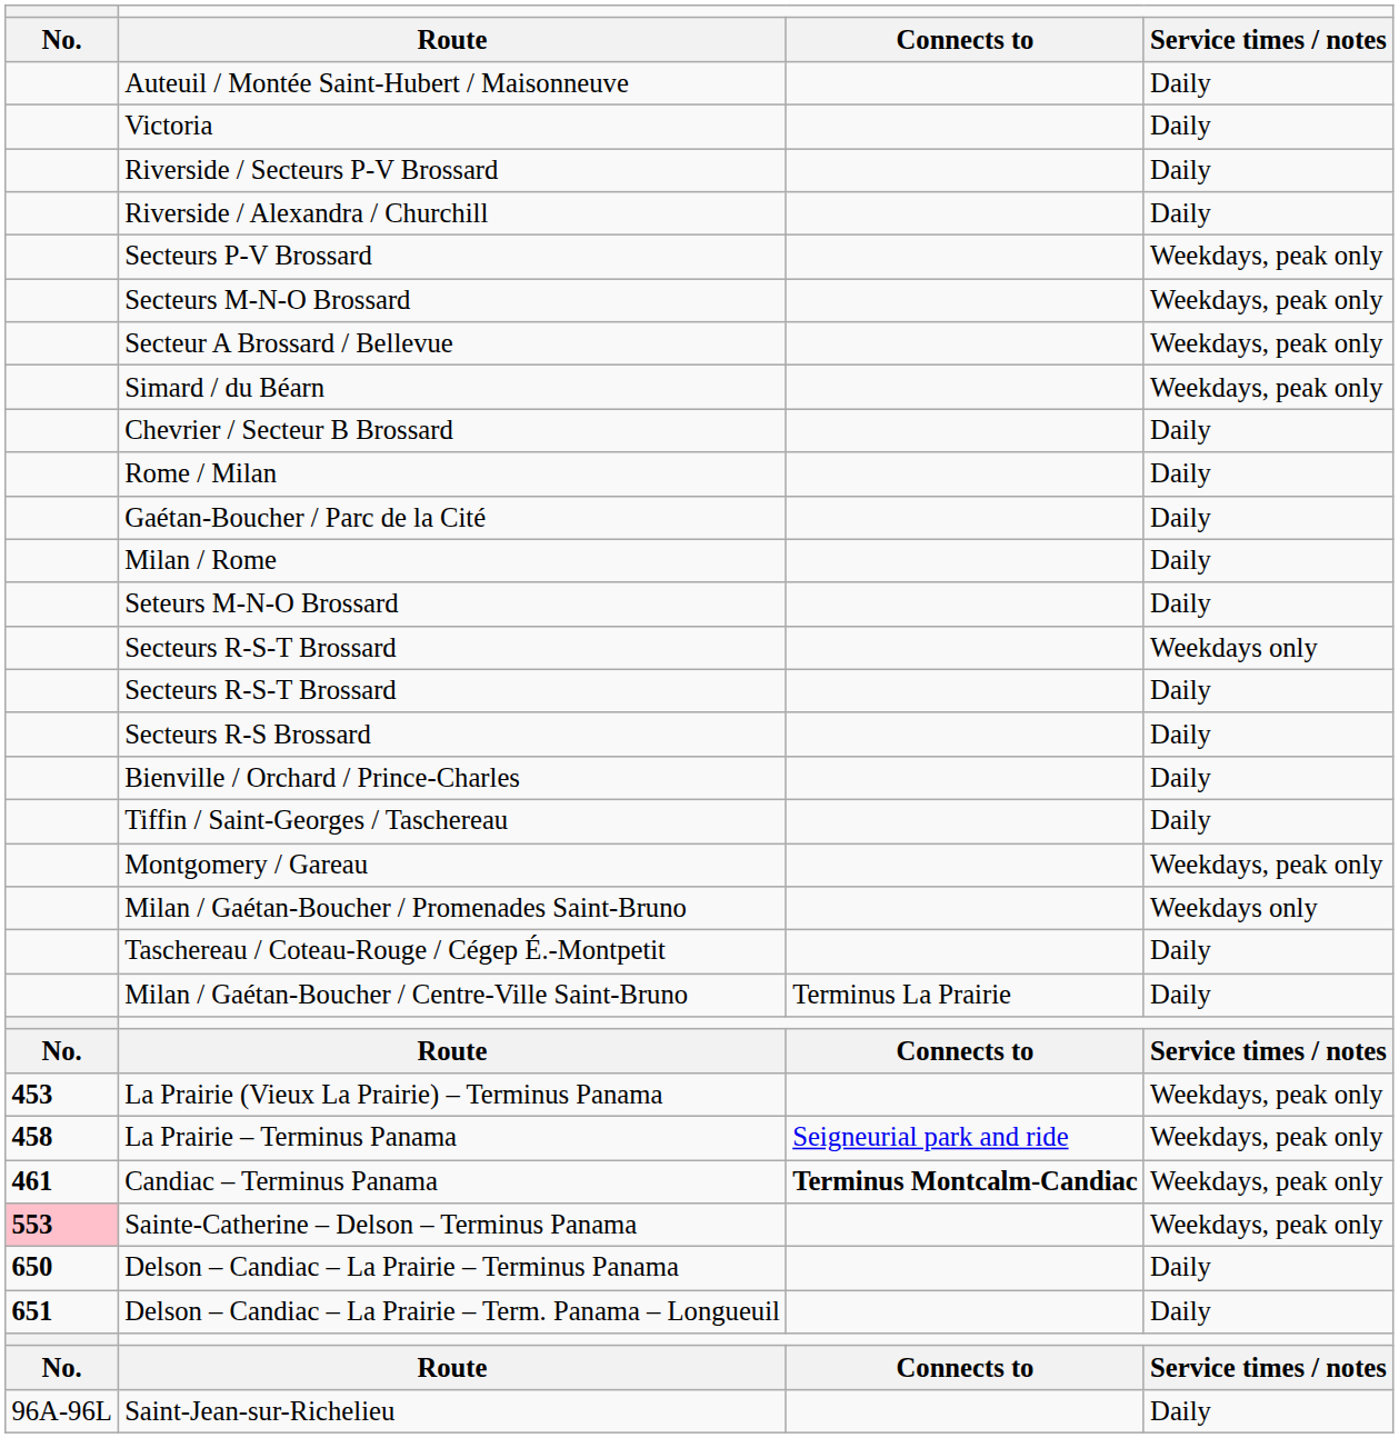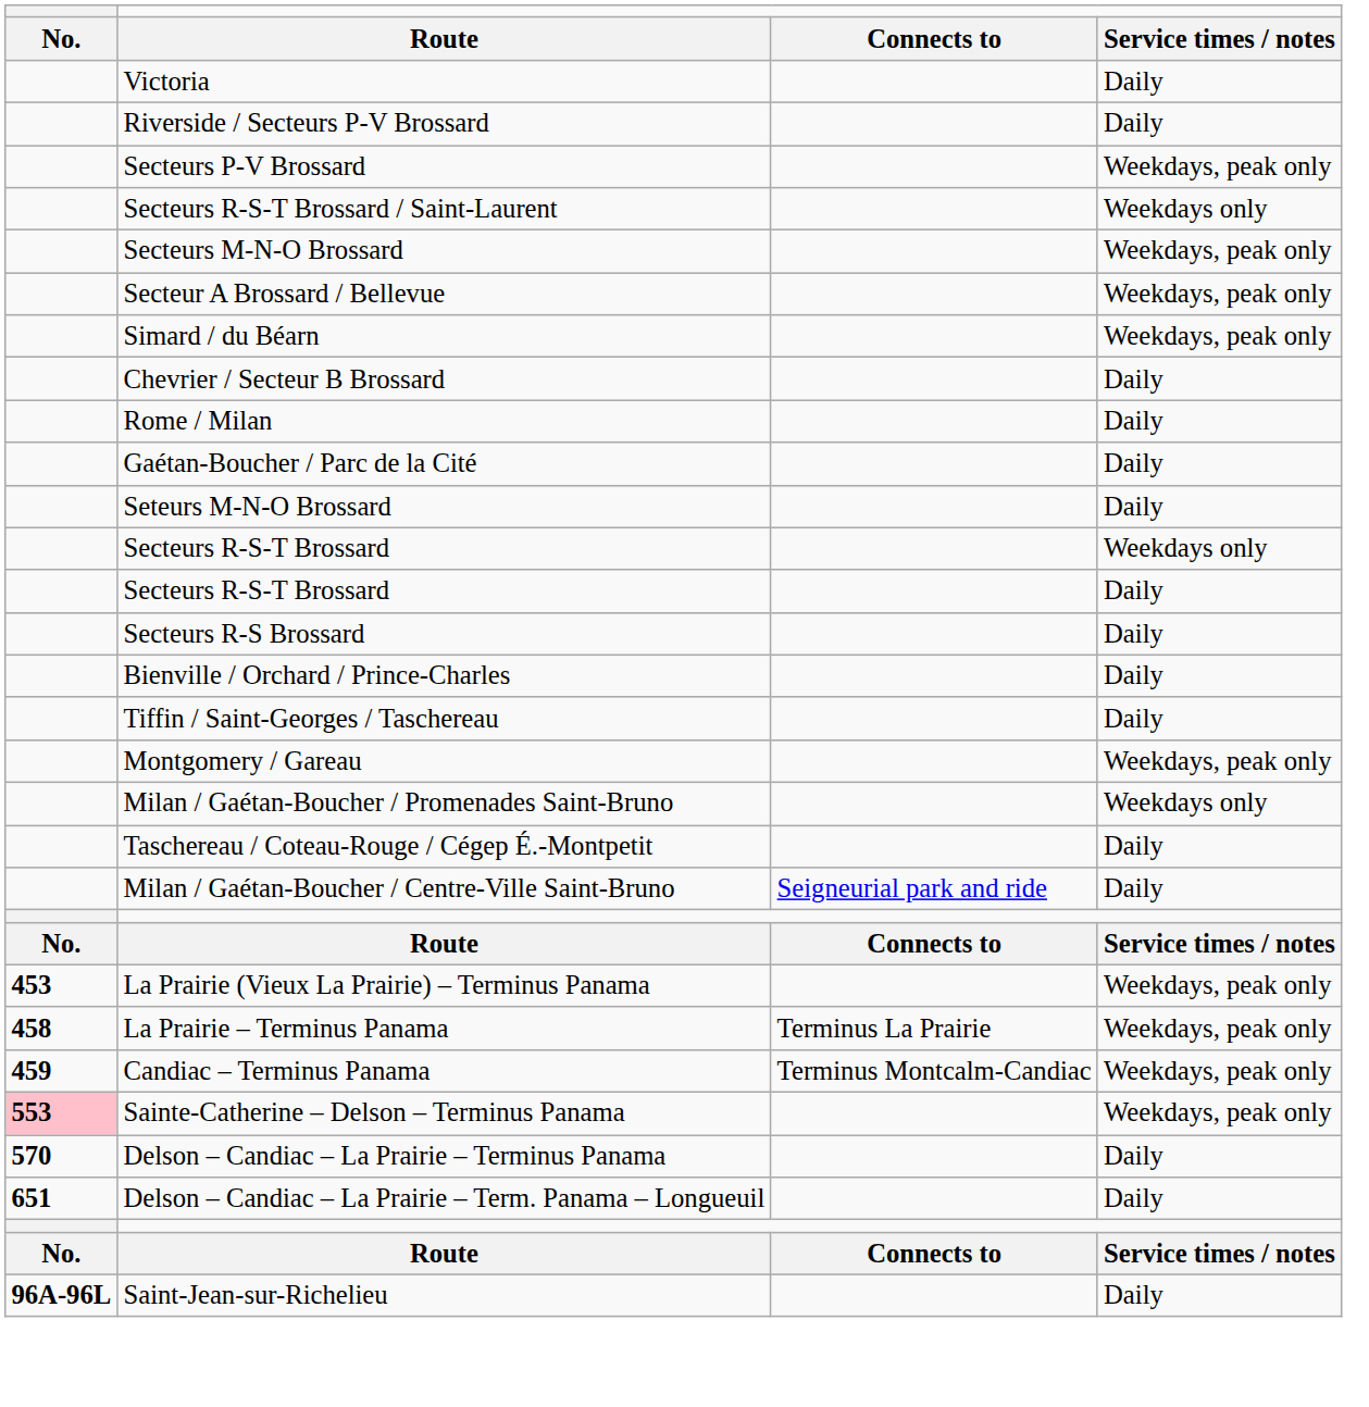 <table class="wikitable">
 <tr>
 <th style="background: #"></th>
 </tr>
 <tr>
 <th>No.</th>
 <th>Route</th>
 <th>Connects to</th>
 <th>Service times / notes</th>
-</tr>
-<tr>
-<td></td>
-<td>Auteuil / Montée Saint-Hubert / Maisonneuve</td>
-<td></td>
-<td>Daily</td>
 </tr>
 <tr>
 <td></td>
 <td>Victoria</td>
 <td></td>
 <td>Daily</td>
 </tr>
 <tr>
 <td></td>
 <td>Riverside / Secteurs P-V Brossard</td>
 <td> </td>
 <td>Daily</td>
 </tr>
 <tr>
 <td></td>
-<td>Riverside / Alexandra / Churchill</td>
-<td> </td>
-<td>Daily</td>
+<td>Secteurs P-V Brossard</td>
+<td></td>
+<td>Weekdays, peak only</td>
 </tr>
 <tr>
 <td></td>
-<td>Secteurs P-V Brossard</td>
+<td>Secteurs R-S-T Brossard / Saint-Laurent</td>
 <td></td>
-<td>Weekdays, peak only</td>
+<td>Weekdays only</td>
 </tr>
 <tr>
 <td></td>
 <td>Secteurs M-N-O Brossard</td>
 <td></td>
 <td>Weekdays, peak only</td>
 </tr>
 <tr>
 <td></td>
 <td>Secteur A Brossard / Bellevue</td>
 <td></td>
 <td>Weekdays, peak only</td>
 </tr>
 <tr>
 <td></td>
 <td>Simard / du Béarn</td>
 <td></td>
 <td>Weekdays, peak only</td>
 </tr>
 <tr>
 <td></td>
 <td>Chevrier / Secteur B Brossard</td>
 <td></td>
 <td>Daily</td>
 </tr>
 <tr>
 <td></td>
 <td>Rome / Milan</td>
 <td></td>
 <td>Daily</td>
 </tr>
 <tr>
 <td></td>
 <td>Gaétan-Boucher / Parc de la Cité</td>
-<td></td>
-<td>Daily</td>
-</tr>
-<tr>
-<td></td>
-<td>Milan / Rome</td>
 <td></td>
 <td>Daily</td>
 </tr>
 <tr>
 <td></td>
 <td>Seteurs M-N-O Brossard</td>
 <td></td>
 <td>Daily</td>
 </tr>
 <tr>
 <td></td>
 <td>Secteurs R-S-T Brossard</td>
 <td></td>
 <td>Weekdays only</td>
 </tr>
 <tr>
 <td></td>
 <td>Secteurs R-S-T Brossard</td>
 <td></td>
 <td>Daily</td>
 </tr>
 <tr>
 <td></td>
 <td>Secteurs R-S Brossard</td>
 <td></td>
 <td>Daily</td>
 </tr>
 <tr>
 <td></td>
 <td>Bienville / Orchard / Prince-Charles</td>
 <td></td>
 <td>Daily</td>
 </tr>
 <tr>
 <td></td>
 <td>Tiffin / Saint-Georges / Taschereau</td>
 <td> </td>
 <td>Daily</td>
 </tr>
 <tr>
 <td></td>
 <td>Montgomery / Gareau</td>
 <td></td>
 <td>Weekdays, peak only</td>
 </tr>
 <tr>
 <td></td>
 <td>Milan / Gaétan-Boucher / Promenades Saint-Bruno</td>
 <td></td>
 <td>Weekdays only</td>
 </tr>
 <tr>
 <td></td>
 <td>Taschereau / Coteau-Rouge / Cégep É.-Montpetit</td>
 <td></td>
 <td>Daily</td>
 </tr>
 <tr>
 <td></td>
 <td>Milan / Gaétan-Boucher / Centre-Ville Saint-Bruno</td>
-<td> Terminus La Prairie</td>
+<td> <a href='#'>Seigneurial park and ride</a></td>
 <td>Daily</td>
 </tr>
 <tr>
 <th style="background: #"></th>
 </tr>
 <tr>
 <th>No.</th>
 <th>Route</th>
 <th>Connects to</th>
 <th>Service times / notes</th>
 </tr>
 <tr>
 <td {{border> <strong>453</strong></td>
 <td>La Prairie (Vieux La Prairie) – Terminus Panama</td>
 <td></td>
 <td>Weekdays, peak only</td>
 </tr>
 <tr>
 <td {{border> <strong>458</strong></td>
 <td>La Prairie – Terminus Panama</td>
-<td> <a href='#'>Seigneurial park and ride</a></td>
+<td> Terminus La Prairie</td>
 <td>Weekdays, peak only</td>
 </tr>
 <tr>
-<td {{border> <strong>461</strong></td>
+<td {{border> <strong>459</strong></td>
 <td>Candiac – Terminus Panama</td>
-<td><strong> Terminus Montcalm-Candiac</strong></td>
+<td> Terminus Montcalm-Candiac</td>
 <td>Weekdays, peak only</td>
 </tr>
 <tr>
 <td {{border style="background: pink;"> <strong>553</strong></td>
 <td>Sainte-Catherine – Delson – Terminus Panama</td>
 <td></td>
 <td>Weekdays, peak only</td>
 </tr>
 <tr>
-<td {{border> <strong>650</strong></td>
+<td {{border> <strong>570</strong></td>
 <td>Delson – Candiac – La Prairie – Terminus Panama</td>
 <td></td>
 <td>Daily</td>
 </tr>
 <tr>
 <td {{border> <strong>651</strong></td>
 <td>Delson – Candiac – La Prairie – Term. Panama – Longueuil</td>
 <td></td>
 <td>Daily</td>
 </tr>
 <tr>
 <th style="background: #"></th>
 </tr>
 <tr>
 <th>No.</th>
 <th>Route</th>
 <th>Connects to</th>
 <th>Service times / notes</th>
 </tr>
 <tr>
-<td>96A-96L</td>
+<td><strong>96A-96L</strong></td>
 <td>Saint-Jean-sur-Richelieu</td>
 <td><br></td>
 <td>Daily</td>
 </tr>
 </table>
